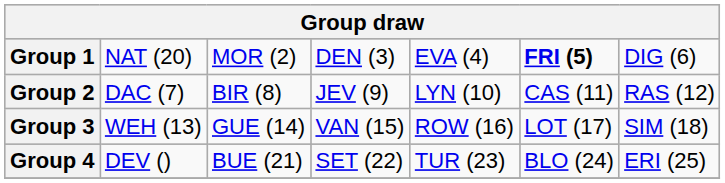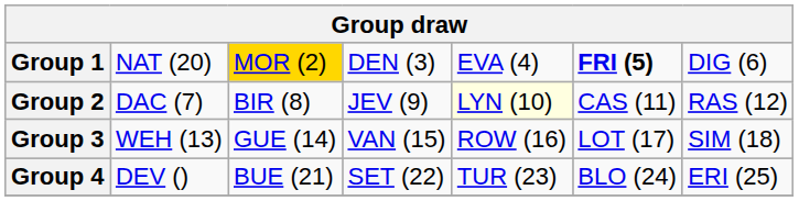 <table class="wikitable" style="text-align:center; font-size:85%">
 <tr>
 <th colspan="7">Group draw</th>
 </tr>
 <tr>
 <th>Group 1</th>
 <td align="left"> <a href='#'>NAT</a> (20)</td>
-<td align="left"> <a href='#'>MOR</a> (2)</td>
+<td align="left" style="background: gold;"> <a href='#'>MOR</a> (2)</td>
 <td align="left"> <a href='#'>DEN</a> (3)</td>
 <td align="left"> <a href='#'>EVA</a> (4)</td>
 <td align="left"><strong> <a href='#'>FRI</a> (5)</strong></td>
 <td align="left"> <a href='#'>DIG</a> (6)</td>
 </tr>
 <tr>
 <th>Group 2</th>
 <td align="left"> <a href='#'>DAC</a> (7)</td>
 <td align="left"> <a href='#'>BIR</a> (8)</td>
 <td align="left"> <a href='#'>JEV</a> (9)</td>
-<td align="left"> <a href='#'>LYN</a> (10)</td>
+<td align="left" style="background: lightyellow;"> <a href='#'>LYN</a> (10)</td>
 <td align="left"> <a href='#'>CAS</a> (11)</td>
 <td align="left"> <a href='#'>RAS</a> (12)</td>
 </tr>
 <tr>
 <th>Group 3</th>
 <td align="left"> <a href='#'>WEH</a> (13)</td>
 <td align="left"> <a href='#'>GUE</a> (14)</td>
 <td align="left"> <a href='#'>VAN</a> (15)</td>
 <td align="left"> <a href='#'>ROW</a> (16)</td>
 <td align="left"> <a href='#'>LOT</a> (17)</td>
 <td align="left"> <a href='#'>SIM</a> (18)</td>
 </tr>
 <tr>
 <th>Group 4</th>
 <td align="left"> <a href='#'>DEV</a> ()</td>
 <td align="left"> <a href='#'>BUE</a> (21)</td>
 <td align="left"> <a href='#'>SET</a> (22)</td>
 <td align="left"> <a href='#'>TUR</a> (23)</td>
 <td align="left"> <a href='#'>BLO</a> (24)</td>
 <td align="left"> <a href='#'>ERI</a> (25)</td>
 </tr>
 <tr>
 </tr>
 </table>
